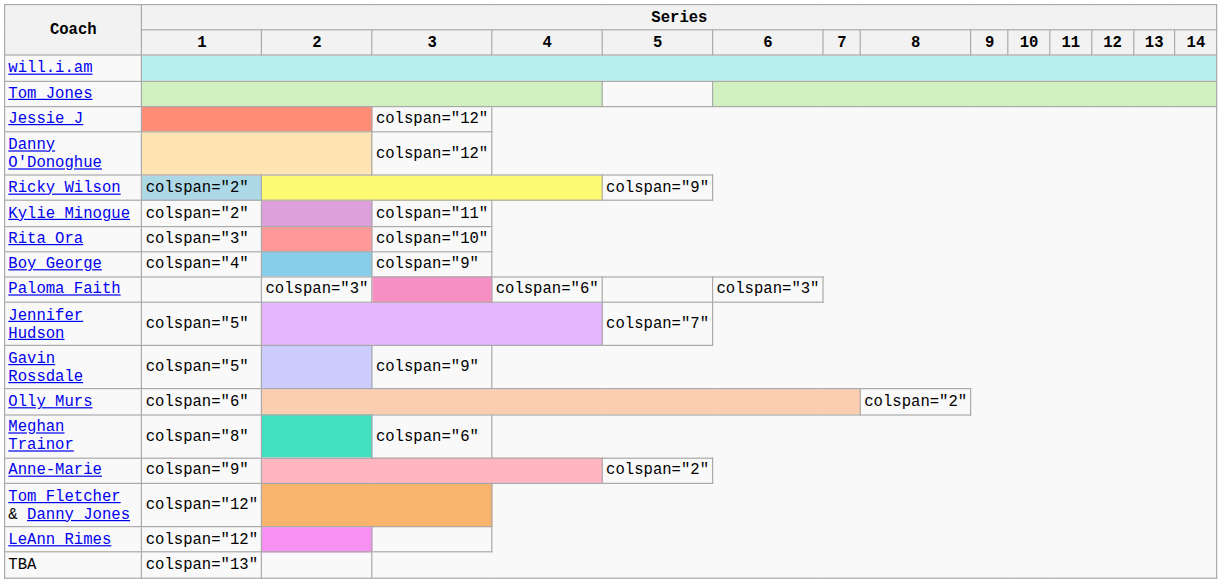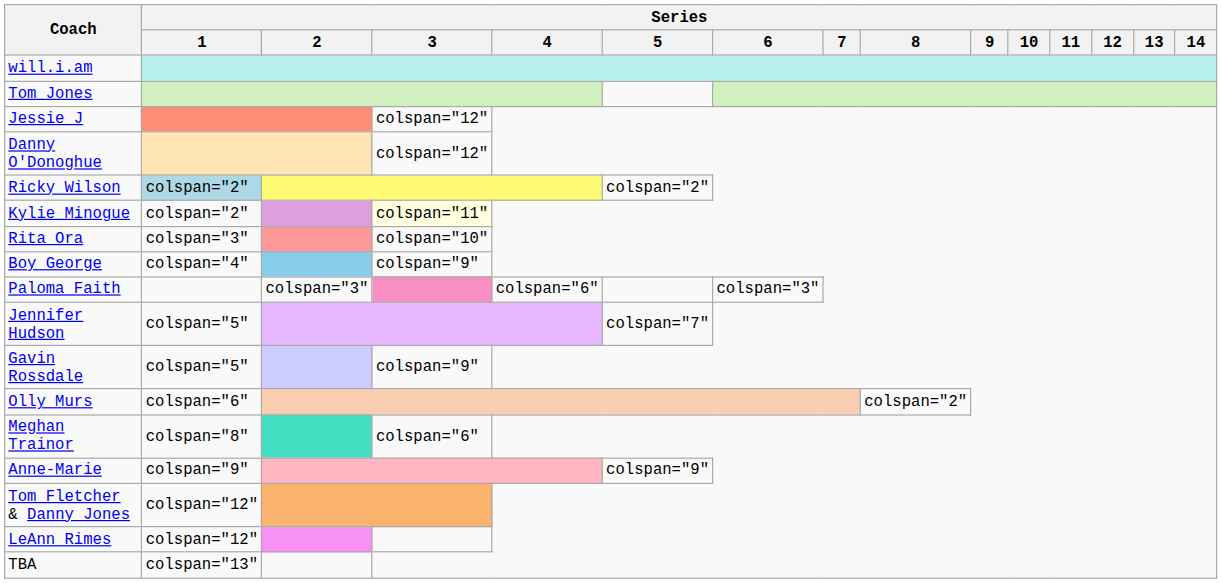 <table class="wikitable nowrap" style="width:80%">
 <tr>
 <th rowspan="2" style="width:135px">Coach</th>
 <th colspan="14">Series</th>
 </tr>
 <tr>
 <th style="width:40px">1</th>
 <th style="width:40px">2</th>
 <th style="width:40px">3</th>
 <th style="width:40px">4</th>
 <th style="width:40px">5</th>
 <th style="width:40px">6</th>
 <th style="width:40px">7</th>
 <th style="width:40px">8</th>
 <th style="width:40px">9</th>
 <th style="width:40px">10</th>
 <th style="width:40px">11</th>
 <th style="width:40px">12</th>
 <th style="width:40px">13</th>
 <th style="width:40px">14</th>
 </tr>
 <tr>
 <td><a href='#'>will.i.am</a></td>
 <td colspan="14" style="background:#b7efef"></td>
 </tr>
 <tr>
 <td><a href='#'>Tom Jones</a></td>
 <td colspan="4" style="background:#d0f0c0"></td>
 <td></td>
 <td colspan="9" style="background:#d0f0c0"></td>
 </tr>
 <tr>
 <td><a href='#'>Jessie J</a></td>
 <td colspan="2" style="background:#ff8c75"></td>
 <td>colspan="12" </td>
 </tr>
 <tr>
 <td><a href='#'>Danny O'Donoghue</a></td>
 <td colspan="2" style="background:#ffe5b4"></td>
 <td>colspan="12" </td>
 </tr>
 <tr>
 <td><a href='#'>Ricky Wilson</a></td>
 <td style="background: lightblue;">colspan="2" </td>
 <td colspan="3" style="background:#fffa73"></td>
-<td>colspan="9" </td>
+<td>colspan="2" </td>
 </tr>
 <tr>
 <td><a href='#'>Kylie Minogue</a></td>
 <td>colspan="2" </td>
 <td style="background:#dda0dd"></td>
-<td>colspan="11" </td>
+<td style="background: lightyellow;">colspan="11" </td>
 </tr>
 <tr>
 <td><a href='#'>Rita Ora</a></td>
 <td>colspan="3" </td>
 <td style="background:#ff9999"></td>
 <td>colspan="10" </td>
 </tr>
 <tr>
 <td><a href='#'>Boy George</a></td>
 <td>colspan="4" </td>
 <td style="background:#87ceeb"></td>
 <td>colspan="9" </td>
 </tr>
 <tr>
 <td><a href='#'>Paloma Faith</a></td>
 <td></td>
 <td>colspan="3" </td>
 <td style="background:#f78fc2"></td>
 <td>colspan="6" </td>
 <td></td>
 <td>colspan="3" </td>
 </tr>
 <tr>
 <td><a href='#'>Jennifer Hudson</a></td>
 <td>colspan="5" </td>
 <td colspan="3" style="background:#E6B6FF"></td>
 <td>colspan="7" </td>
 </tr>
 <tr>
 <td><a href='#'>Gavin Rossdale</a></td>
 <td>colspan="5" </td>
 <td style="background:#ccf"></td>
 <td>colspan="9" </td>
 </tr>
 <tr>
 <td><a href='#'>Olly Murs</a></td>
 <td>colspan="6" </td>
 <td colspan="6" style="background:#fbceb1"></td>
 <td>colspan="2" </td>
 </tr>
 <tr>
 <td><a href='#'>Meghan Trainor</a></td>
 <td>colspan="8" </td>
 <td style="background:#40e0c0"></td>
 <td>colspan="6" </td>
 </tr>
 <tr>
 <td><a href='#'>Anne-Marie</a></td>
 <td>colspan="9" </td>
 <td colspan="3" style="background:lightpink"></td>
-<td>colspan="2" </td>
+<td>colspan="9" </td>
 </tr>
 <tr>
 <td><a href='#'>Tom Fletcher</a> & <a href='#'>Danny Jones</a></td>
 <td>colspan="12" </td>
 <td colspan="2" style="background:#fbb46e"></td>
 </tr>
 <tr>
 <td><a href='#'>LeAnn Rimes</a></td>
 <td>colspan="12" </td>
 <td colspan="1" style="background:#f791f3"></td>
 <td></td>
 </tr>
 <tr>
 <td>TBA</td>
 <td>colspan="13" </td>
 <td colspan="1"></td>
 </tr>
 </table>
